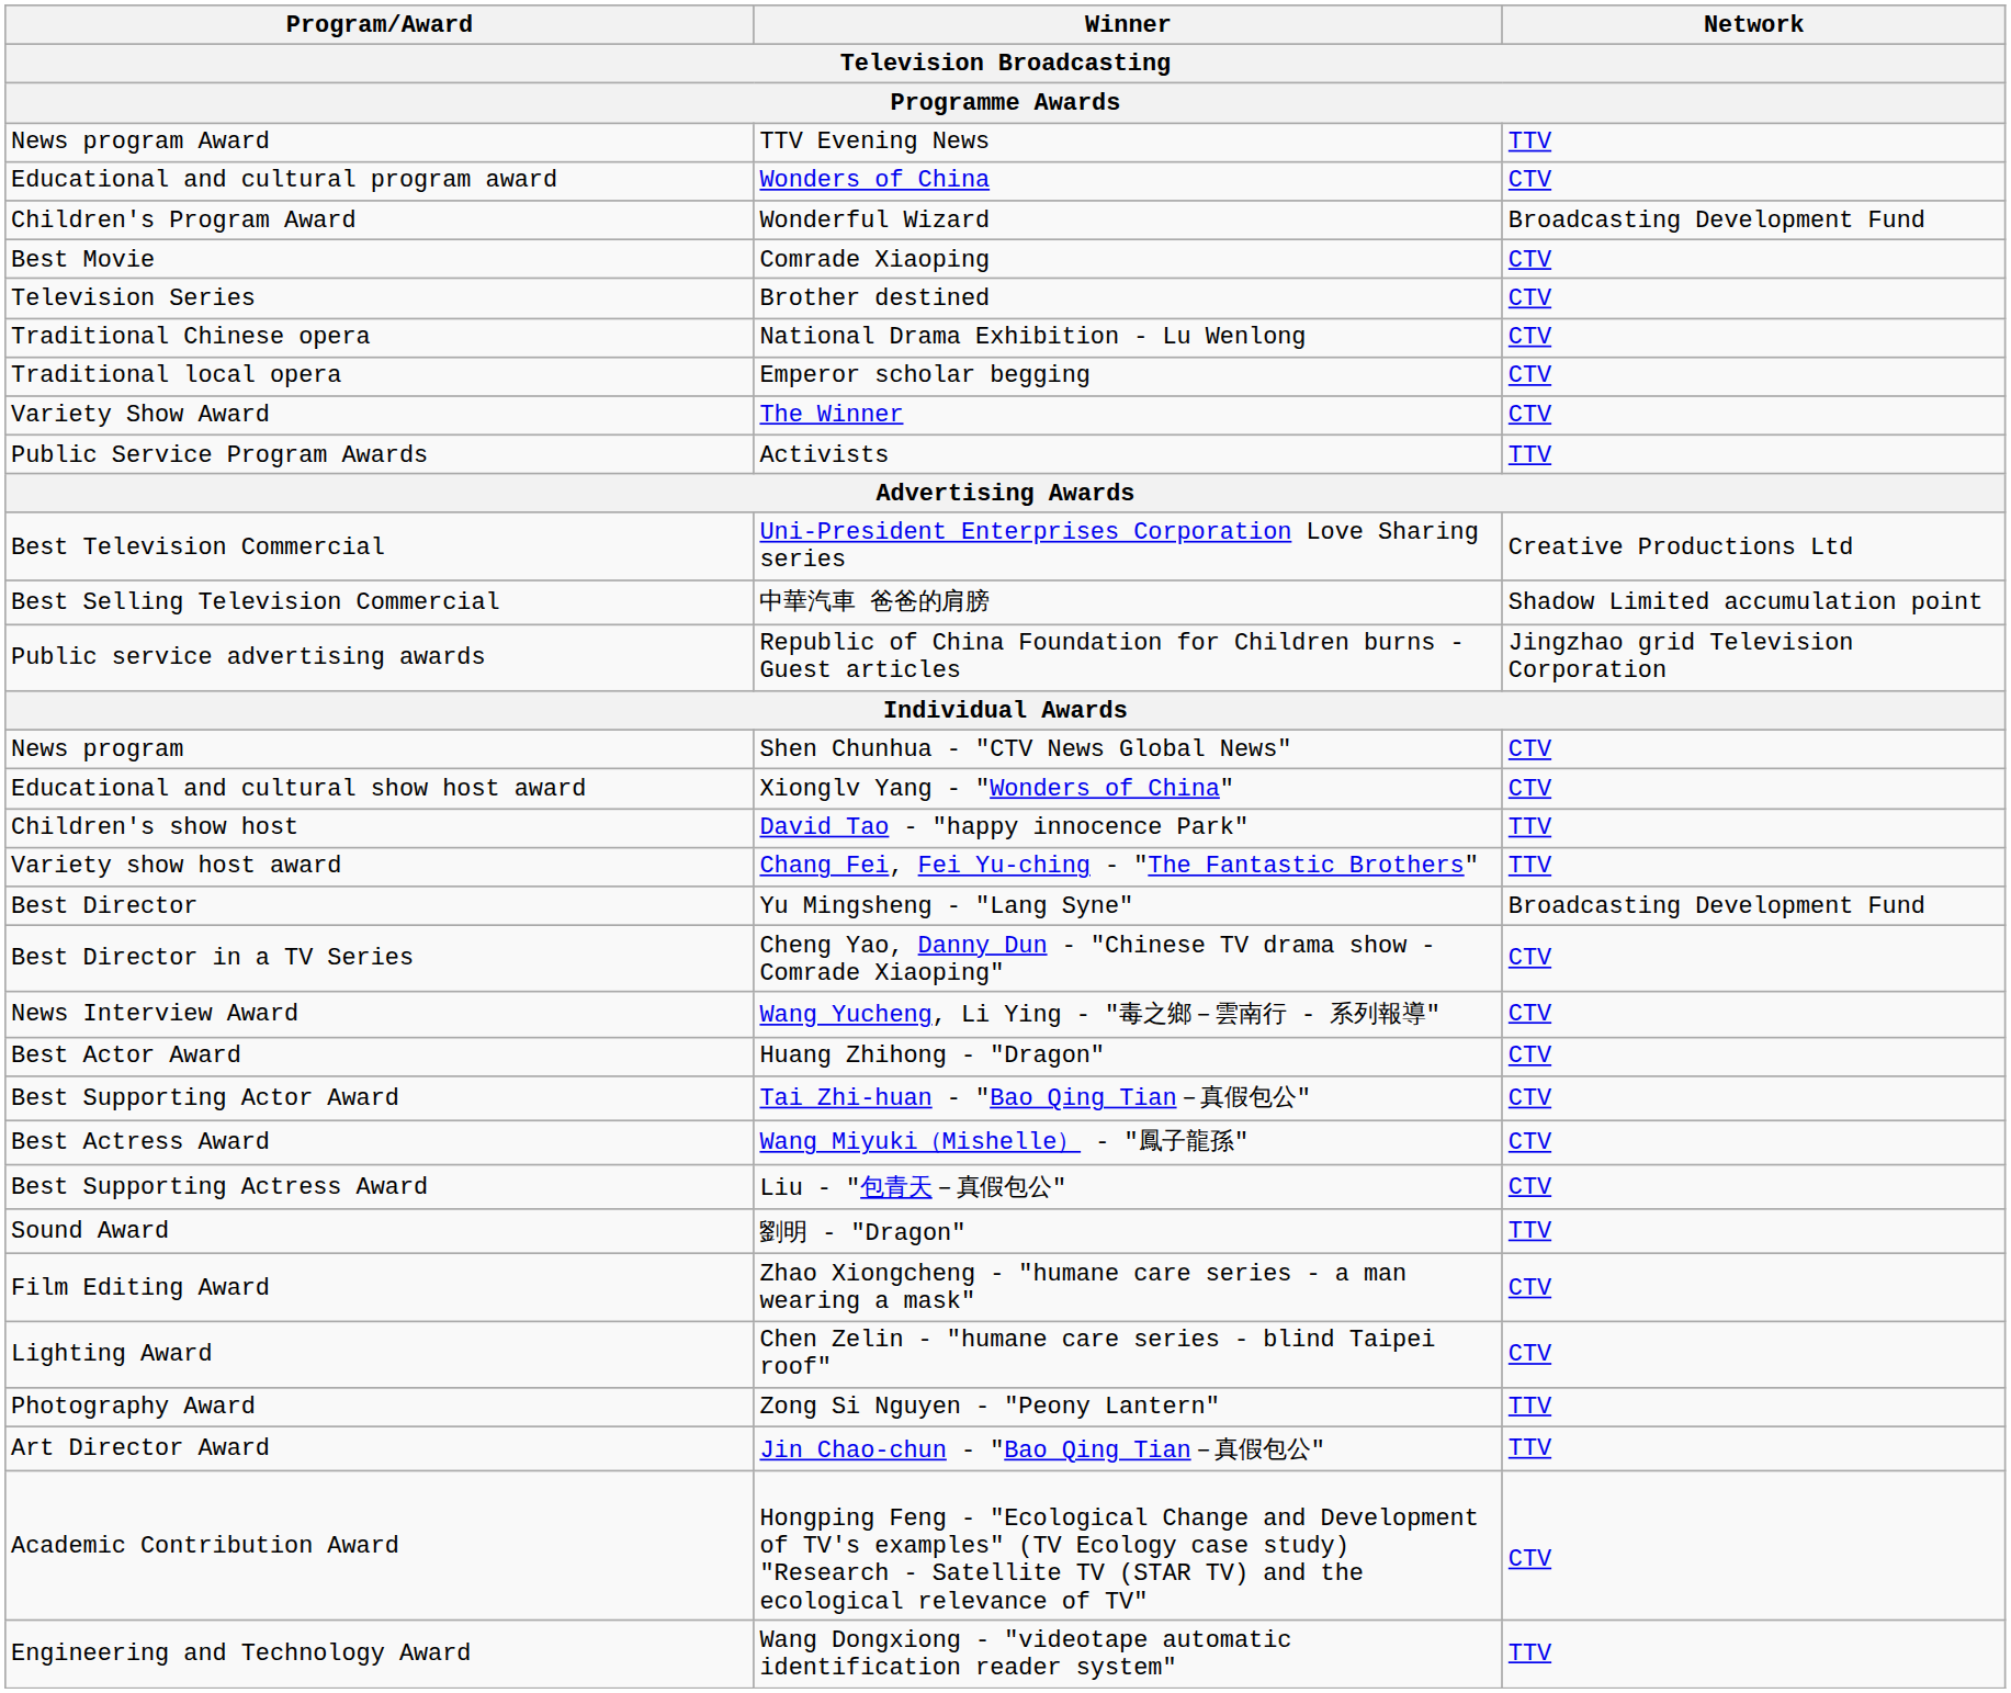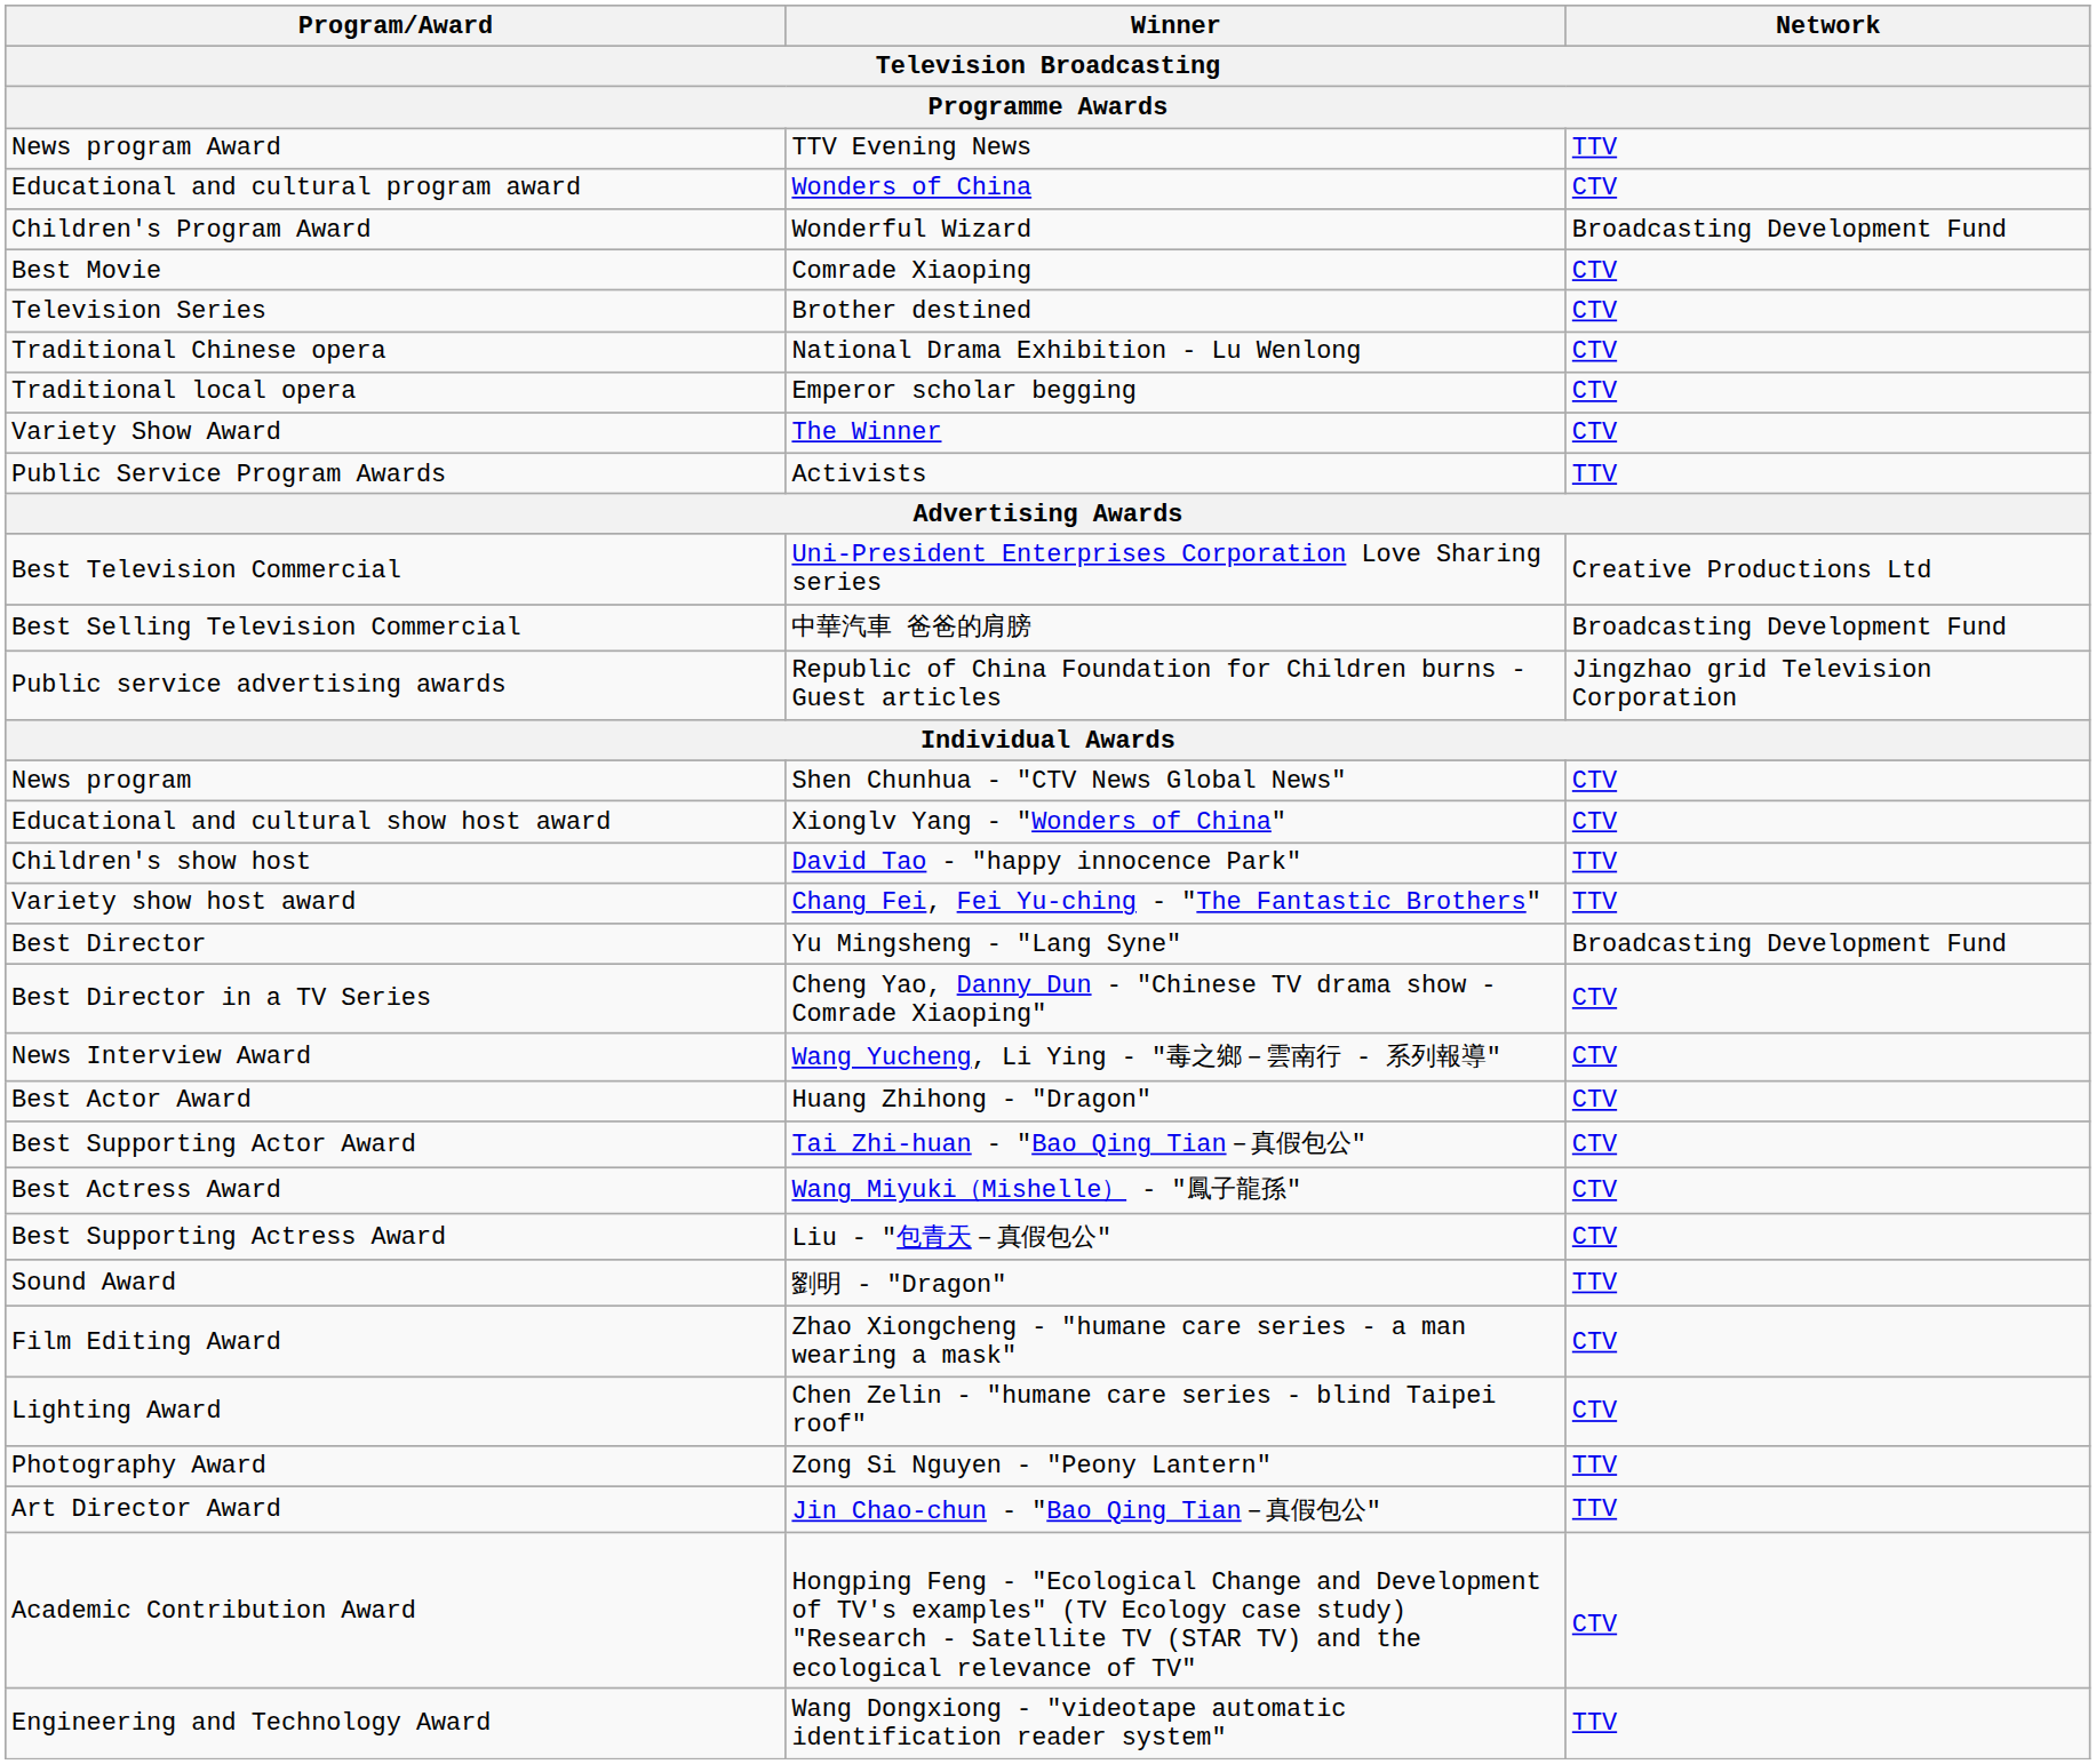 <table class="wikitable">
 <tr>
 <th style="width:300pt;">Program/Award</th>
 <th style="width:300pt;">Winner</th>
 <th style="width:200pt;">Network</th>
 </tr>
 <tr>
 <th colspan=3 style="text-align:center" style="background:#99CCFF;">Television Broadcasting</th>
 </tr>
 <tr>
 <th colspan=3 style="text-align:center" style="background:LightSteelBlue;">Programme Awards</th>
 </tr>
 <tr>
 <td>News program Award</td>
 <td>TTV Evening News</td>
 <td><a href='#'>TTV</a></td>
 </tr>
 <tr>
 <td>Educational and cultural program award</td>
 <td><a href='#'>Wonders of China</a></td>
 <td><a href='#'>CTV</a></td>
 </tr>
 <tr>
 <td>Children's Program Award</td>
 <td>Wonderful Wizard</td>
 <td>Broadcasting Development Fund</td>
 </tr>
 <tr>
 <td>Best Movie</td>
 <td>Comrade Xiaoping</td>
 <td><a href='#'>CTV</a></td>
 </tr>
 <tr>
 <td>Television Series</td>
 <td>Brother destined</td>
 <td><a href='#'>CTV</a></td>
 </tr>
 <tr>
 <td>Traditional Chinese opera</td>
 <td>National Drama Exhibition - Lu Wenlong</td>
 <td><a href='#'>CTV</a></td>
 </tr>
 <tr>
 <td>Traditional local opera</td>
 <td>Emperor scholar begging</td>
 <td><a href='#'>CTV</a></td>
 </tr>
 <tr>
 <td>Variety Show Award</td>
 <td><a href='#'>The Winner</a></td>
 <td><a href='#'>CTV</a></td>
 </tr>
 <tr>
 <td>Public Service Program Awards</td>
 <td>Activists</td>
 <td><a href='#'>TTV</a></td>
 </tr>
 <tr>
 <th colspan=3 style="text-align:center" style="background:LightSteelBlue;">Advertising Awards</th>
 </tr>
 <tr>
 <td>Best Television Commercial</td>
 <td><a href='#'>Uni-President Enterprises Corporation</a> Love Sharing series</td>
 <td>Creative Productions Ltd</td>
 </tr>
 <tr>
 <td>Best Selling Television Commercial</td>
 <td>中華汽車 爸爸的肩膀</td>
-<td>Shadow Limited accumulation point</td>
+<td>Broadcasting Development Fund</td>
 </tr>
 <tr>
 <td>Public service advertising awards</td>
 <td>Republic of China Foundation for Children burns - Guest articles</td>
 <td>Jingzhao grid Television Corporation</td>
 </tr>
 <tr>
 <th colspan=3 style="text-align:center" style="background:LightSteelBlue;">Individual Awards</th>
 </tr>
 <tr>
 <td>News program</td>
 <td>Shen Chunhua - "CTV News Global News"</td>
 <td><a href='#'>CTV</a></td>
 </tr>
 <tr>
 <td>Educational and cultural show host award</td>
 <td>Xionglv Yang - "<a href='#'>Wonders of China</a>"</td>
 <td><a href='#'>CTV</a></td>
 </tr>
 <tr>
 <td>Children's show host</td>
 <td><a href='#'>David Tao</a> - "happy innocence Park"</td>
 <td><a href='#'>TTV</a></td>
 </tr>
 <tr>
 <td>Variety show host award</td>
 <td><a href='#'>Chang Fei</a>, <a href='#'>Fei Yu-ching</a> - "<a href='#'>The Fantastic Brothers</a>"</td>
 <td><a href='#'>TTV</a></td>
 </tr>
 <tr>
 <td>Best Director</td>
 <td>Yu Mingsheng - "Lang Syne"</td>
 <td>Broadcasting Development Fund</td>
 </tr>
 <tr>
 <td>Best Director in a TV Series</td>
 <td>Cheng Yao, <a href='#'>Danny Dun</a> - "Chinese TV drama show - Comrade Xiaoping"</td>
 <td><a href='#'>CTV</a></td>
 </tr>
 <tr>
 <td>News Interview Award</td>
 <td><a href='#'>Wang Yucheng</a>, Li Ying - "毒之鄉－雲南行 - 系列報導"</td>
 <td><a href='#'>CTV</a></td>
 </tr>
 <tr>
 <td>Best Actor Award</td>
 <td>Huang Zhihong - "Dragon"</td>
 <td><a href='#'>CTV</a></td>
 </tr>
 <tr>
 <td>Best Supporting Actor Award</td>
 <td><a href='#'>Tai Zhi-huan</a> - "<a href='#'>Bao Qing Tian</a>－真假包公"</td>
 <td><a href='#'>CTV</a></td>
 </tr>
 <tr>
 <td>Best Actress Award</td>
 <td><a href='#'>Wang Miyuki（Mishelle）</a> - "鳳子龍孫"</td>
 <td><a href='#'>CTV</a></td>
 </tr>
 <tr>
 <td>Best Supporting Actress Award</td>
 <td>Liu -  "<a href='#'>包青天</a>－真假包公"</td>
 <td><a href='#'>CTV</a></td>
 </tr>
 <tr>
 <td>Sound Award</td>
 <td>劉明 - "Dragon"</td>
 <td><a href='#'>TTV</a></td>
 </tr>
 <tr>
 <td>Film Editing Award</td>
 <td>Zhao Xiongcheng - "humane care series - a man wearing a mask"</td>
 <td><a href='#'>CTV</a></td>
 </tr>
 <tr>
 <td>Lighting Award</td>
 <td>Chen Zelin - "humane care series - blind Taipei roof"</td>
 <td><a href='#'>CTV</a></td>
 </tr>
 <tr>
 <td>Photography Award</td>
 <td>Zong Si Nguyen - "Peony Lantern"</td>
 <td><a href='#'>TTV</a></td>
 </tr>
 <tr>
 <td>Art Director Award</td>
 <td><a href='#'>Jin Chao-chun</a> - "<a href='#'>Bao Qing Tian</a>－真假包公"</td>
 <td><a href='#'>TTV</a></td>
 </tr>
 <tr>
 <td>Academic Contribution Award</td>
 <td><br>Hongping Feng - "Ecological Change and Development of TV's examples" (TV Ecology case study)  <br>"Research - Satellite TV (STAR TV) and the ecological relevance of TV"</td>
 <td><br><a href='#'>CTV</a></td>
 </tr>
 <tr>
 <td>Engineering and Technology Award</td>
 <td>Wang Dongxiong - "videotape automatic identification reader system"</td>
 <td><a href='#'>TTV</a></td>
 </tr>
 </table>
